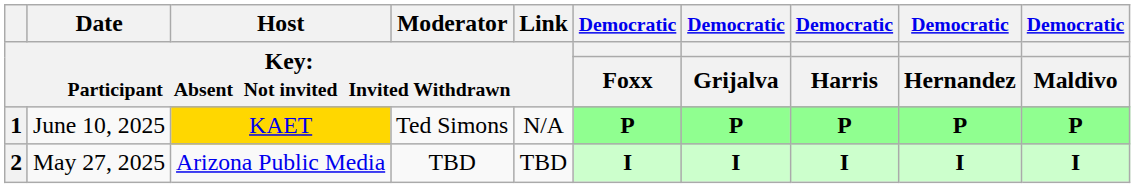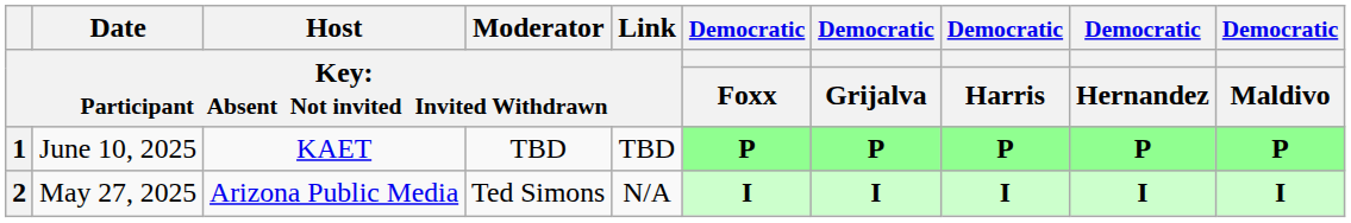 <table class="wikitable" style="text-align:center;">
 <tr>
 <th scope="col"></th>
 <th scope="col">Date</th>
 <th scope="col">Host</th>
 <th scope="col">Moderator</th>
 <th scope="col">Link</th>
 <th scope="col"><small><a href='#'>Democratic</a></small></th>
 <th scope="col"><small><a href='#'>Democratic</a></small></th>
 <th scope="col"><small><a href='#'>Democratic</a></small></th>
 <th scope="col"><small><a href='#'>Democratic</a></small></th>
 <th scope="col"><small><a href='#'>Democratic</a></small></th>
 </tr>
 <tr>
 <th colspan="5" rowspan="2">Key:<br> <small>Participant </small>  <small>Absent </small>  <small>Not invited </small>  <small>Invited  Withdrawn</small></th>
 <th scope="col" style="background:"></th>
 <th scope="col" style="background:"></th>
 <th scope="col" style="background:"></th>
 <th scope="col" style="background:"></th>
 <th scope="col" style="background:"></th>
 </tr>
 <tr>
 <th scope="col">Foxx</th>
 <th scope="col">Grijalva</th>
 <th scope="col">Harris</th>
 <th scope="col">Hernandez</th>
 <th scope="col">Maldivo</th>
 </tr>
 <tr>
 <th>1</th>
 <td style="white-space:nowrap;">June 10, 2025</td>
-<td style="background: gold; white-space:nowrap;"><a href='#'>KAET</a></td>
-<td style="white-space:nowrap;">Ted Simons</td>
-<td style="white-space:nowrap;">N/A</td>
+<td style="white-space:nowrap;"><a href='#'>KAET</a></td>
+<td style="white-space:nowrap;">TBD</td>
+<td style="white-space:nowrap;">TBD</td>
 <td style="background:#90ff90"><strong>P</strong></td>
 <td style="background:#90ff90"><strong>P</strong></td>
 <td style="background:#90ff90"><strong>P</strong></td>
 <td style="background:#90ff90"><strong>P</strong></td>
 <td style="background:#90ff90"><strong>P</strong></td>
 </tr>
 <tr>
 <th>2</th>
 <td style="white-space:nowrap;">May 27, 2025</td>
 <td style="white-space:nowrap;"><a href='#'>Arizona Public Media</a></td>
-<td style="white-space:nowrap;">TBD</td>
-<td style="white-space:nowrap;">TBD</td>
+<td style="white-space:nowrap;">Ted Simons</td>
+<td style="white-space:nowrap;">N/A</td>
 <td style="background:#CCFFCC"><strong>I</strong></td>
 <td style="background:#CCFFCC"><strong>I</strong></td>
 <td style="background:#CCFFCC"><strong>I</strong></td>
 <td style="background:#CCFFCC"><strong>I</strong></td>
 <td style="background:#CCFFCC"><strong>I</strong></td>
 </tr>
 </table>
